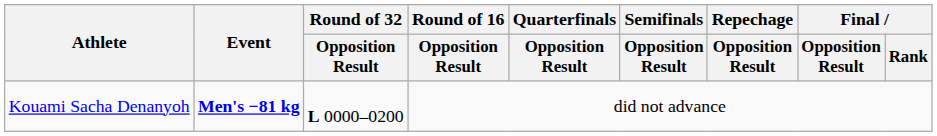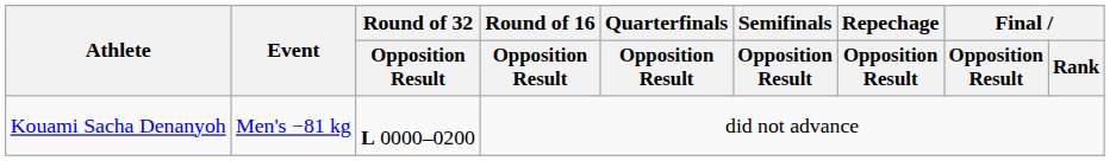 <table class="wikitable" style="font-size:90%">
 <tr>
 <th rowspan="2">Athlete</th>
 <th rowspan="2">Event</th>
 <th>Round of 32</th>
 <th>Round of 16</th>
 <th>Quarterfinals</th>
 <th>Semifinals</th>
 <th>Repechage</th>
 <th colspan=2>Final / </th>
 </tr>
 <tr style="font-size:95%">
 <th>Opposition<br>Result</th>
 <th>Opposition<br>Result</th>
 <th>Opposition<br>Result</th>
 <th>Opposition<br>Result</th>
 <th>Opposition<br>Result</th>
 <th>Opposition<br>Result</th>
 <th>Rank</th>
 </tr>
 <tr align=center>
 <td align=left><a href='#'>Kouami Sacha Denanyoh</a></td>
-<td align=left><strong><a href='#'>Men's −81 kg</a></strong></td>
+<td align=left><a href='#'>Men's −81 kg</a></td>
 <td><br><strong>L</strong> 0000–0200</td>
 <td colspan=6>did not advance</td>
 </tr>
 </table>
